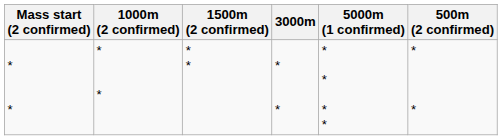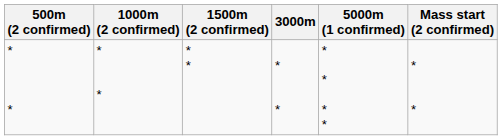 <table class="wikitable">
 <tr>
-<th>Mass start<br>(2 confirmed)</th>
+<th>500m<br>(2 confirmed)</th>
 <th>1000m<br>(2 confirmed)</th>
 <th>1500m<br>(2 confirmed)</th>
 <th>3000m</th>
 <th>5000m<br>(1 confirmed)</th>
-<th>500m<br>(2 confirmed)</th>
+<th>Mass start<br>(2 confirmed)</th>
 </tr>
 <tr>
-<td valign="top"><strong></strong><br> *<br><br><br><strong></strong> *<br></td>
+<td valign="top"><strong></strong> *<br><br><br><br><strong></strong> *<br></td>
 <td valign="top"><strong></strong> *<br> <br><br><strong></strong> *<br> <br></td>
 <td valign="top"><strong></strong> *<br><strong></strong> *<br> <br> <br><br></td>
 <td valign="top"><br> *<br> <br><s></s><br> *<br></td>
 <td valign="top"><strong></strong> *<br><br> *<br><br> *<br> *</td>
-<td valign="top"><strong></strong> *<br><br><br><br><strong></strong> *<br></td>
+<td valign="top"><strong></strong><br> *<br><br><br><strong></strong> *<br></td>
 </tr>
 </table>
